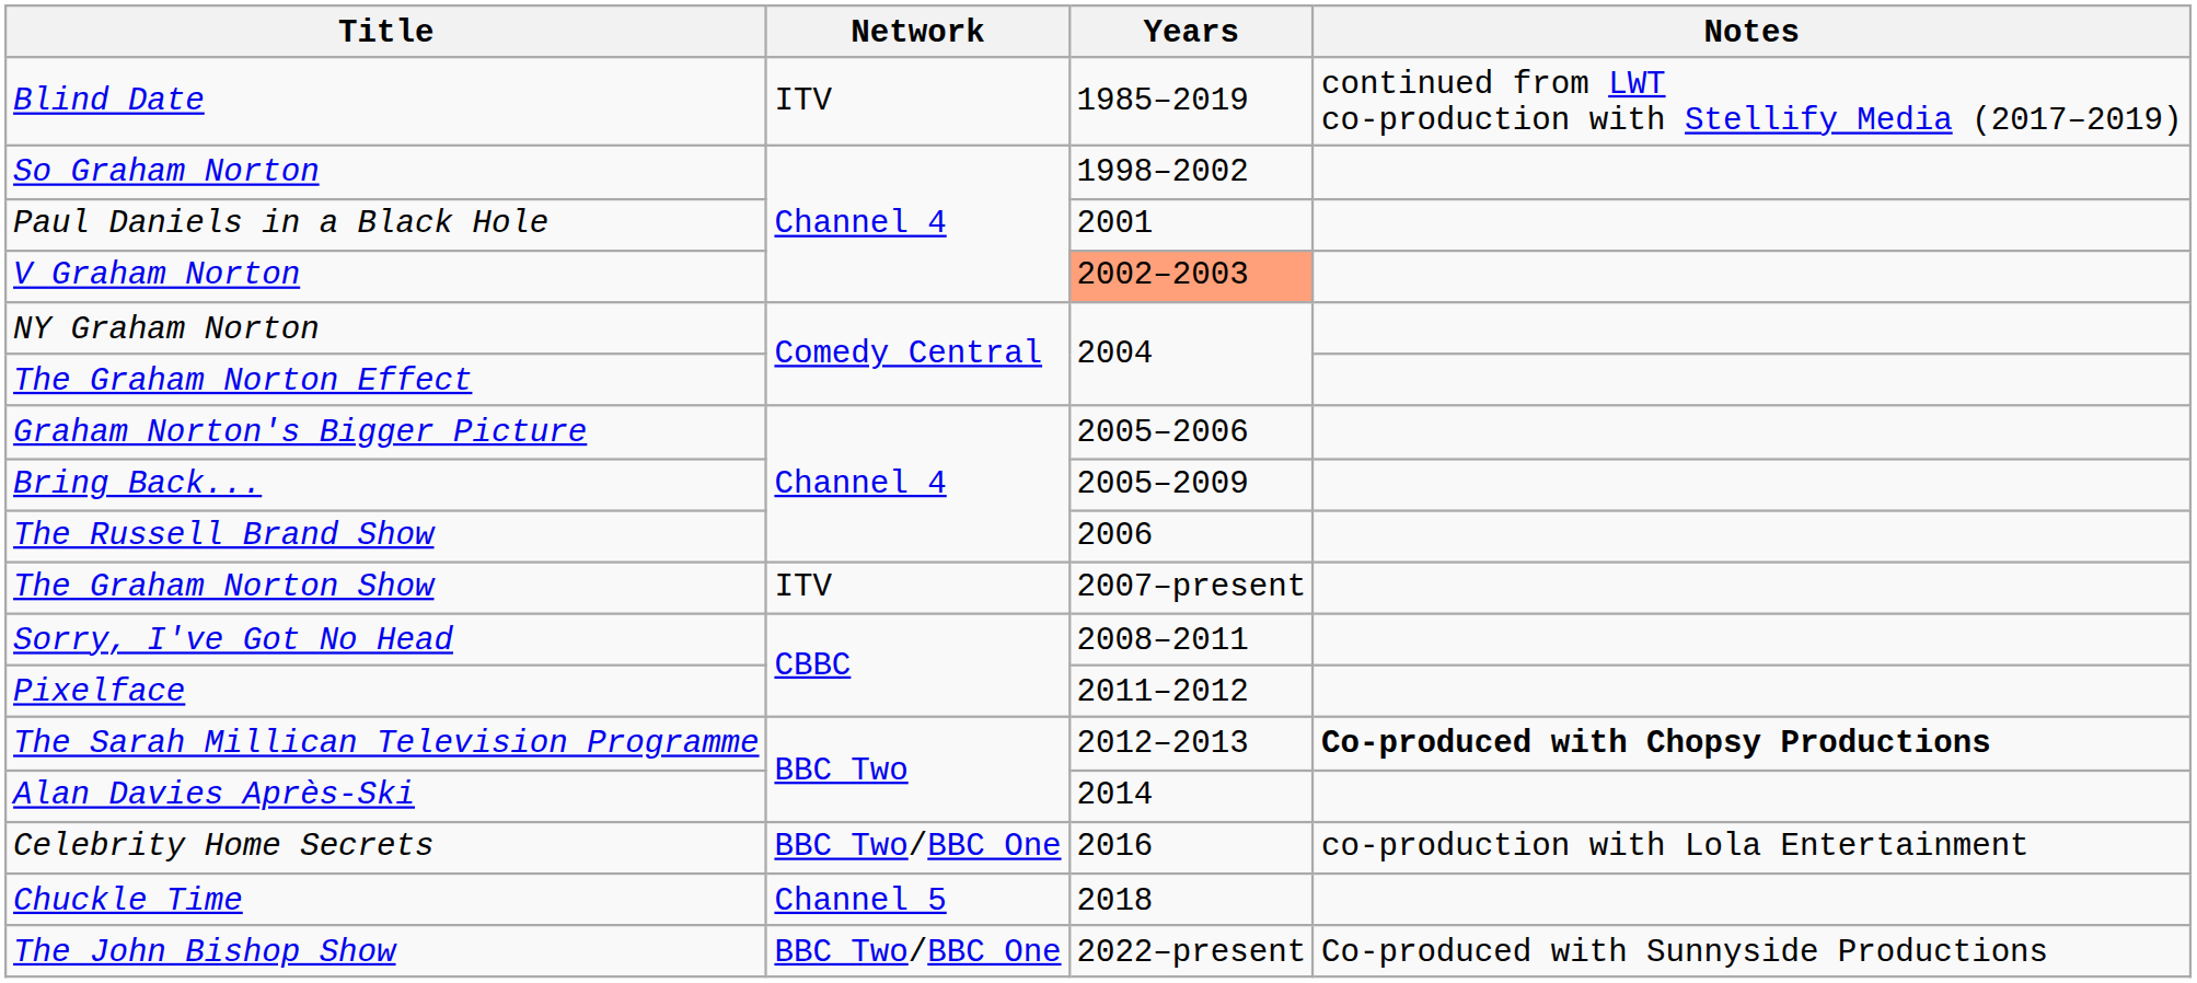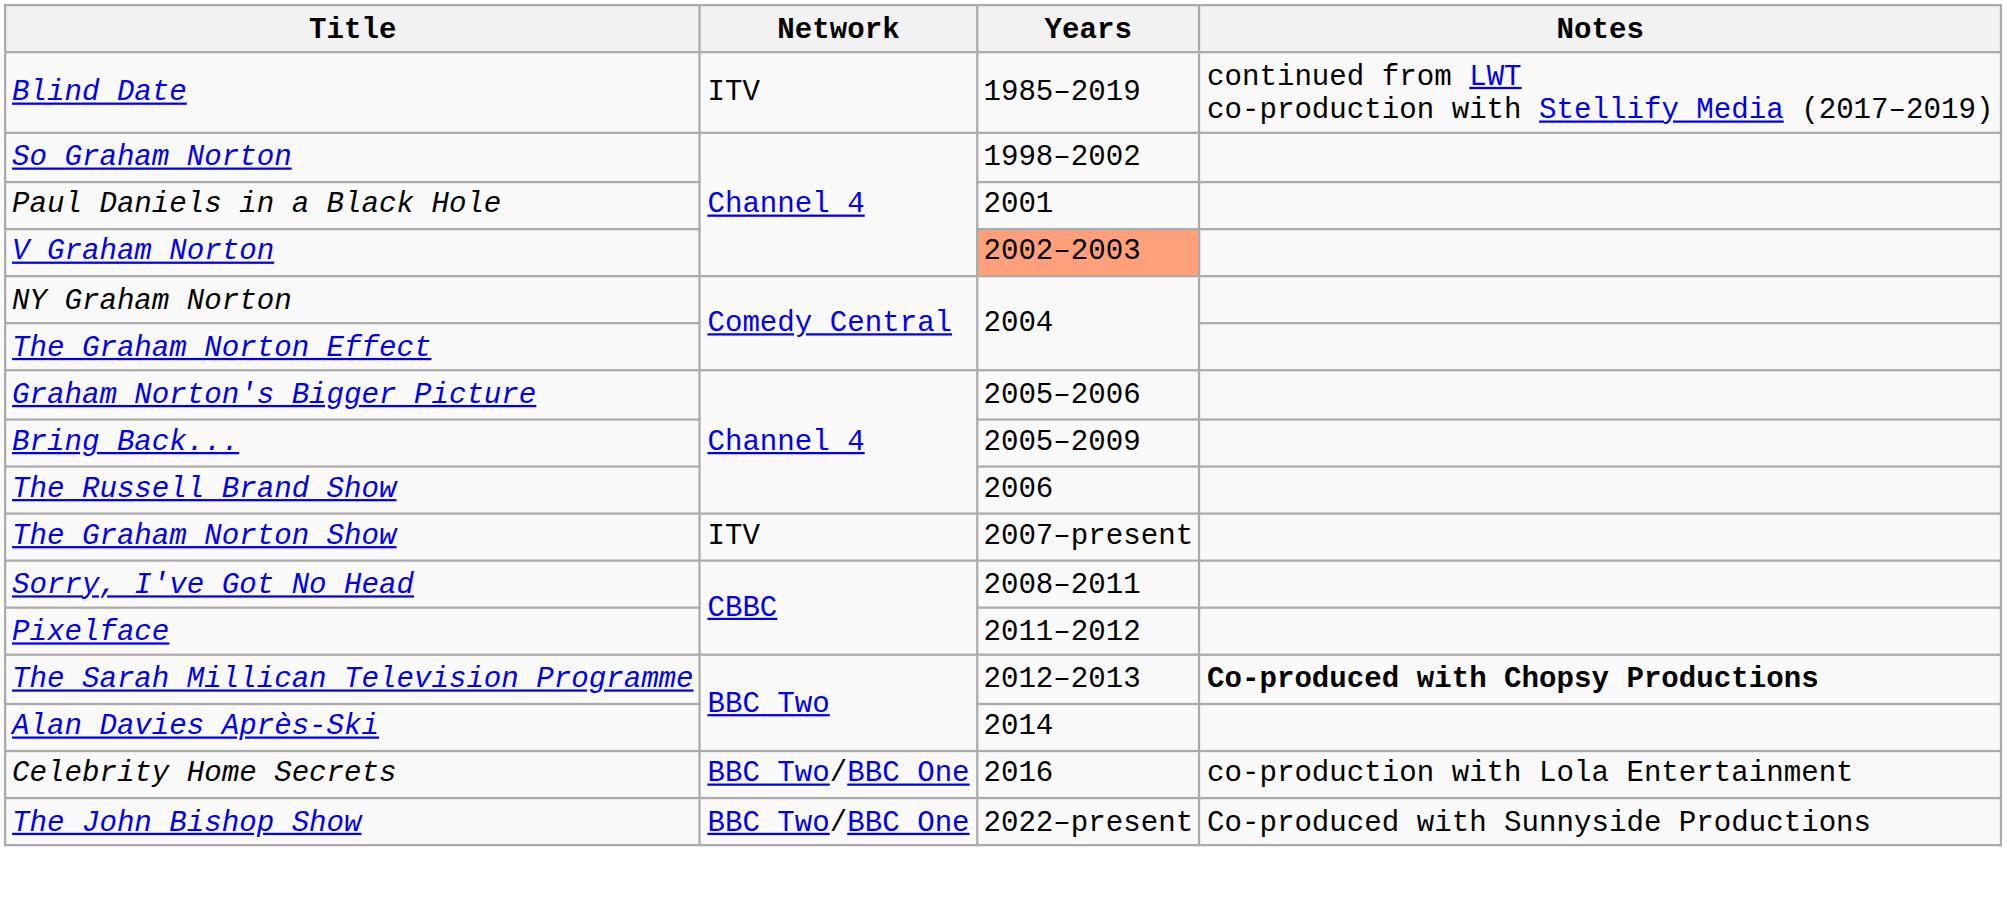 <table class="wikitable sortable">
 <tr>
 <th>Title</th>
 <th>Network</th>
 <th>Years</th>
 <th>Notes</th>
 </tr>
 <tr>
 <td><em><a href='#'>Blind Date</a></em></td>
 <td>ITV</td>
 <td>1985–2019</td>
 <td>continued from <a href='#'>LWT</a><br>co-production with <a href='#'>Stellify Media</a> (2017–2019)</td>
 </tr>
 <tr>
 <td><em><a href='#'>So Graham Norton</a></em></td>
 <td rowspan="3"><a href='#'>Channel 4</a></td>
 <td>1998–2002</td>
 <td></td>
 </tr>
 <tr>
 <td><em>Paul Daniels in a Black Hole</em></td>
 <td>2001</td>
 <td></td>
 </tr>
 <tr>
 <td><em><a href='#'>V Graham Norton</a></em></td>
 <td style="background: lightsalmon;">2002–2003</td>
 <td></td>
 </tr>
 <tr>
 <td><em>NY Graham Norton</em></td>
 <td rowspan="2"><a href='#'>Comedy Central</a></td>
 <td rowspan="2">2004</td>
 </tr>
 <tr>
 <td><em><a href='#'>The Graham Norton Effect</a></em></td>
 <td></td>
 </tr>
 <tr>
 <td><em><a href='#'>Graham Norton's Bigger Picture</a></em></td>
 <td rowspan="3"><a href='#'>Channel 4</a></td>
 <td>2005–2006</td>
 <td></td>
 </tr>
 <tr>
 <td><em><a href='#'>Bring Back...</a></em></td>
 <td>2005–2009</td>
 </tr>
 <tr>
 <td><em><a href='#'>The Russell Brand Show</a></em></td>
 <td>2006</td>
 <td></td>
 </tr>
 <tr>
 <td><em><a href='#'>The Graham Norton Show</a></em></td>
 <td>ITV</td>
 <td>2007–present</td>
 <td></td>
 </tr>
 <tr>
 <td><em><a href='#'>Sorry, I've Got No Head</a></em></td>
 <td rowspan="2"><a href='#'>CBBC</a></td>
 <td>2008–2011</td>
 </tr>
 <tr>
 <td><em><a href='#'>Pixelface</a></em></td>
 <td>2011–2012</td>
 <td></td>
 </tr>
 <tr>
 <td><em><a href='#'>The Sarah Millican Television Programme</a></em></td>
 <td rowspan="2'"><a href='#'>BBC Two</a></td>
 <td>2012–2013</td>
 <td><strong>Co-produced with Chopsy Productions</strong></td>
 </tr>
 <tr>
 <td><em><a href='#'>Alan Davies Après-Ski</a></em></td>
 <td>2014</td>
 <td></td>
 </tr>
 <tr>
 <td><em>Celebrity Home Secrets</em></td>
 <td><a href='#'>BBC Two</a>/<a href='#'>BBC One</a></td>
 <td>2016</td>
 <td>co-production with Lola Entertainment</td>
 </tr>
 <tr>
-<td><em><a href='#'>Chuckle Time</a></em></td>
-<td><a href='#'>Channel 5</a></td>
-<td>2018</td>
-<td></td>
-</tr>
-<tr>
 <td><em><a href='#'>The John Bishop Show</a></em></td>
 <td><a href='#'>BBC Two</a>/<a href='#'>BBC One</a></td>
 <td>2022–present</td>
 <td>Co-produced with Sunnyside Productions</td>
 </tr>
 </table>
